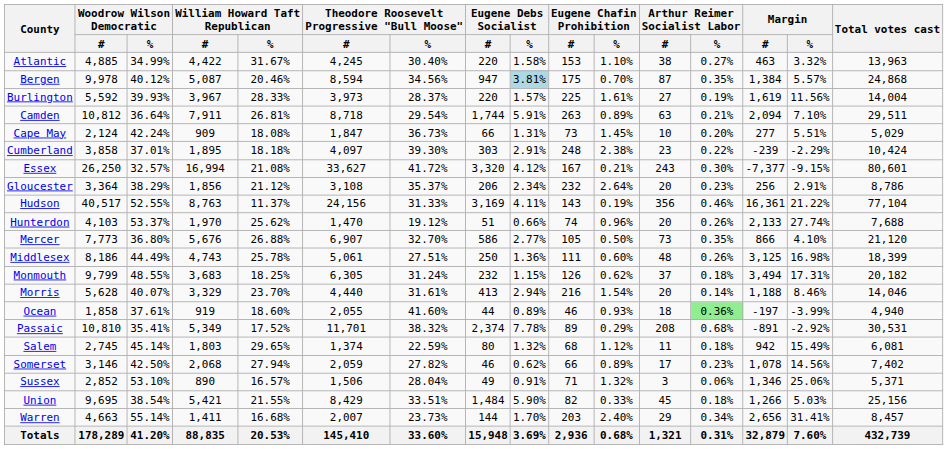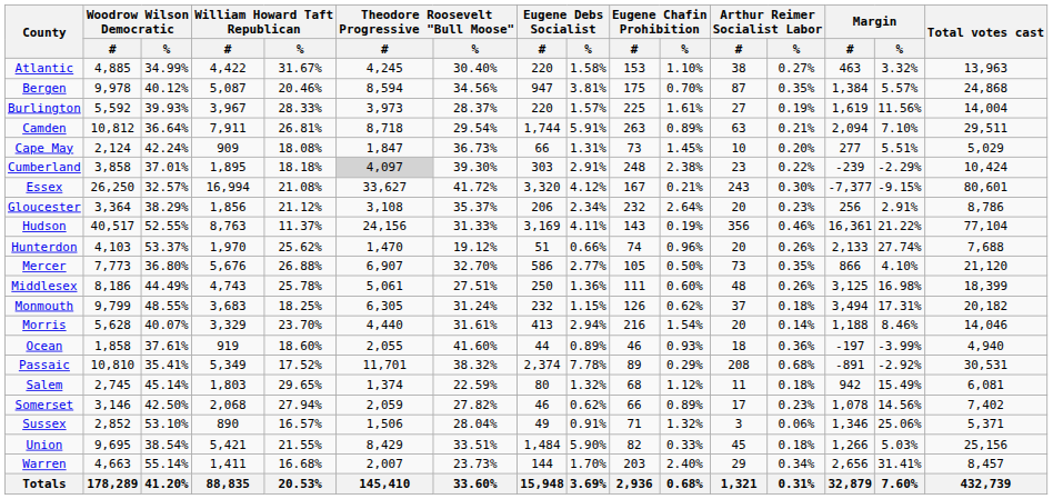 <table class="wikitable sortable">
 <tr>
 <th style="text-align:center;" rowspan="2">County</th>
 <th style="text-align:center;" colspan="2">Woodrow Wilson<br>Democratic</th>
 <th style="text-align:center;" colspan="2">William Howard Taft<br>Republican</th>
 <th style="text-align:center;" colspan="2">Theodore Roosevelt<br>Progressive "Bull Moose"</th>
 <th style="text-align:center;" colspan="2">Eugene Debs<br>Socialist</th>
 <th style="text-align:center;" colspan="2">Eugene Chafin<br>Prohibition</th>
 <th style="text-align:center;" colspan="2">Arthur Reimer<br>Socialist Labor</th>
 <th style="text-align:center;" colspan="2">Margin</th>
 <th style="text-align:center;" rowspan="2">Total votes cast</th>
 </tr>
 <tr>
 <th data-sort-type="number">#</th>
 <th data-sort-type="number">%</th>
 <th data-sort-type="number">#</th>
 <th data-sort-type="number">%</th>
 <th data-sort-type="number">#</th>
 <th data-sort-type="number">%</th>
 <th data-sort-type="number">#</th>
 <th data-sort-type="number">%</th>
 <th data-sort-type="number">#</th>
 <th data-sort-type="number">%</th>
 <th data-sort-type="number">#</th>
 <th data-sort-type="number">%</th>
 <th data-sort-type="number">#</th>
 <th data-sort-type="number">%</th>
 </tr>
 <tr style="text-align:center;">
 <td><a href='#'>Atlantic</a></td>
 <td>4,885</td>
 <td>34.99%</td>
 <td>4,422</td>
 <td>31.67%</td>
 <td>4,245</td>
 <td>30.40%</td>
 <td>220</td>
 <td>1.58%</td>
 <td>153</td>
 <td>1.10%</td>
 <td>38</td>
 <td>0.27%</td>
 <td>463</td>
 <td>3.32%</td>
 <td>13,963</td>
 </tr>
 <tr style="text-align:center;">
 <td><a href='#'>Bergen</a></td>
 <td>9,978</td>
 <td>40.12%</td>
 <td>5,087</td>
 <td>20.46%</td>
 <td>8,594</td>
 <td>34.56%</td>
 <td>947</td>
-<td style="background: lightblue;">3.81%</td>
+<td>3.81%</td>
 <td>175</td>
 <td>0.70%</td>
 <td>87</td>
 <td>0.35%</td>
 <td>1,384</td>
 <td>5.57%</td>
 <td>24,868</td>
 </tr>
 <tr style="text-align:center;">
 <td><a href='#'>Burlington</a></td>
 <td>5,592</td>
 <td>39.93%</td>
 <td>3,967</td>
 <td>28.33%</td>
 <td>3,973</td>
 <td>28.37%</td>
 <td>220</td>
 <td>1.57%</td>
 <td>225</td>
 <td>1.61%</td>
 <td>27</td>
 <td>0.19%</td>
 <td>1,619</td>
 <td>11.56%</td>
 <td>14,004</td>
 </tr>
 <tr style="text-align:center;">
 <td><a href='#'>Camden</a></td>
 <td>10,812</td>
 <td>36.64%</td>
 <td>7,911</td>
 <td>26.81%</td>
 <td>8,718</td>
 <td>29.54%</td>
 <td>1,744</td>
 <td>5.91%</td>
 <td>263</td>
 <td>0.89%</td>
 <td>63</td>
 <td>0.21%</td>
 <td>2,094</td>
 <td>7.10%</td>
 <td>29,511</td>
 </tr>
 <tr style="text-align:center;">
 <td><a href='#'>Cape May</a></td>
 <td>2,124</td>
 <td>42.24%</td>
 <td>909</td>
 <td>18.08%</td>
 <td>1,847</td>
 <td>36.73%</td>
 <td>66</td>
 <td>1.31%</td>
 <td>73</td>
 <td>1.45%</td>
 <td>10</td>
 <td>0.20%</td>
 <td>277</td>
 <td>5.51%</td>
 <td>5,029</td>
 </tr>
 <tr style="text-align:center;">
 <td><a href='#'>Cumberland</a></td>
 <td>3,858</td>
 <td>37.01%</td>
 <td>1,895</td>
 <td>18.18%</td>
-<td>4,097</td>
+<td style="background: lightgrey;">4,097</td>
 <td>39.30%</td>
 <td>303</td>
 <td>2.91%</td>
 <td>248</td>
 <td>2.38%</td>
 <td>23</td>
 <td>0.22%</td>
 <td>-239</td>
 <td>-2.29%</td>
 <td>10,424</td>
 </tr>
 <tr style="text-align:center;">
 <td><a href='#'>Essex</a></td>
 <td>26,250</td>
 <td>32.57%</td>
 <td>16,994</td>
 <td>21.08%</td>
 <td>33,627</td>
 <td>41.72%</td>
 <td>3,320</td>
 <td>4.12%</td>
 <td>167</td>
 <td>0.21%</td>
 <td>243</td>
 <td>0.30%</td>
 <td>-7,377</td>
 <td>-9.15%</td>
 <td>80,601</td>
 </tr>
 <tr style="text-align:center;">
 <td><a href='#'>Gloucester</a></td>
 <td>3,364</td>
 <td>38.29%</td>
 <td>1,856</td>
 <td>21.12%</td>
 <td>3,108</td>
 <td>35.37%</td>
 <td>206</td>
 <td>2.34%</td>
 <td>232</td>
 <td>2.64%</td>
 <td>20</td>
 <td>0.23%</td>
 <td>256</td>
 <td>2.91%</td>
 <td>8,786</td>
 </tr>
 <tr style="text-align:center;">
 <td><a href='#'>Hudson</a></td>
 <td>40,517</td>
 <td>52.55%</td>
 <td>8,763</td>
 <td>11.37%</td>
 <td>24,156</td>
 <td>31.33%</td>
 <td>3,169</td>
 <td>4.11%</td>
 <td>143</td>
 <td>0.19%</td>
 <td>356</td>
 <td>0.46%</td>
 <td>16,361</td>
 <td>21.22%</td>
 <td>77,104</td>
 </tr>
 <tr style="text-align:center;">
 <td><a href='#'>Hunterdon</a></td>
 <td>4,103</td>
 <td>53.37%</td>
 <td>1,970</td>
 <td>25.62%</td>
 <td>1,470</td>
 <td>19.12%</td>
 <td>51</td>
 <td>0.66%</td>
 <td>74</td>
 <td>0.96%</td>
 <td>20</td>
 <td>0.26%</td>
 <td>2,133</td>
 <td>27.74%</td>
 <td>7,688</td>
 </tr>
 <tr style="text-align:center;">
 <td><a href='#'>Mercer</a></td>
 <td>7,773</td>
 <td>36.80%</td>
 <td>5,676</td>
 <td>26.88%</td>
 <td>6,907</td>
 <td>32.70%</td>
 <td>586</td>
 <td>2.77%</td>
 <td>105</td>
 <td>0.50%</td>
 <td>73</td>
 <td>0.35%</td>
 <td>866</td>
 <td>4.10%</td>
 <td>21,120</td>
 </tr>
 <tr style="text-align:center;">
 <td><a href='#'>Middlesex</a></td>
 <td>8,186</td>
 <td>44.49%</td>
 <td>4,743</td>
 <td>25.78%</td>
 <td>5,061</td>
 <td>27.51%</td>
 <td>250</td>
 <td>1.36%</td>
 <td>111</td>
 <td>0.60%</td>
 <td>48</td>
 <td>0.26%</td>
 <td>3,125</td>
 <td>16.98%</td>
 <td>18,399</td>
 </tr>
 <tr style="text-align:center;">
 <td><a href='#'>Monmouth</a></td>
 <td>9,799</td>
 <td>48.55%</td>
 <td>3,683</td>
 <td>18.25%</td>
 <td>6,305</td>
 <td>31.24%</td>
 <td>232</td>
 <td>1.15%</td>
 <td>126</td>
 <td>0.62%</td>
 <td>37</td>
 <td>0.18%</td>
 <td>3,494</td>
 <td>17.31%</td>
 <td>20,182</td>
 </tr>
 <tr style="text-align:center;">
 <td><a href='#'>Morris</a></td>
 <td>5,628</td>
 <td>40.07%</td>
 <td>3,329</td>
 <td>23.70%</td>
 <td>4,440</td>
 <td>31.61%</td>
 <td>413</td>
 <td>2.94%</td>
 <td>216</td>
 <td>1.54%</td>
 <td>20</td>
 <td>0.14%</td>
 <td>1,188</td>
 <td>8.46%</td>
 <td>14,046</td>
 </tr>
 <tr style="text-align:center;">
 <td><a href='#'>Ocean</a></td>
 <td>1,858</td>
 <td>37.61%</td>
 <td>919</td>
 <td>18.60%</td>
 <td>2,055</td>
 <td>41.60%</td>
 <td>44</td>
 <td>0.89%</td>
 <td>46</td>
 <td>0.93%</td>
 <td>18</td>
-<td style="background: lightgreen;">0.36%</td>
+<td>0.36%</td>
 <td>-197</td>
 <td>-3.99%</td>
 <td>4,940</td>
 </tr>
 <tr style="text-align:center;">
 <td><a href='#'>Passaic</a></td>
 <td>10,810</td>
 <td>35.41%</td>
 <td>5,349</td>
 <td>17.52%</td>
 <td>11,701</td>
 <td>38.32%</td>
 <td>2,374</td>
 <td>7.78%</td>
 <td>89</td>
 <td>0.29%</td>
 <td>208</td>
 <td>0.68%</td>
 <td>-891</td>
 <td>-2.92%</td>
 <td>30,531</td>
 </tr>
 <tr style="text-align:center;">
 <td><a href='#'>Salem</a></td>
 <td>2,745</td>
 <td>45.14%</td>
 <td>1,803</td>
 <td>29.65%</td>
 <td>1,374</td>
 <td>22.59%</td>
 <td>80</td>
 <td>1.32%</td>
 <td>68</td>
 <td>1.12%</td>
 <td>11</td>
 <td>0.18%</td>
 <td>942</td>
 <td>15.49%</td>
 <td>6,081</td>
 </tr>
 <tr style="text-align:center;">
 <td><a href='#'>Somerset</a></td>
 <td>3,146</td>
 <td>42.50%</td>
 <td>2,068</td>
 <td>27.94%</td>
 <td>2,059</td>
 <td>27.82%</td>
 <td>46</td>
 <td>0.62%</td>
 <td>66</td>
 <td>0.89%</td>
 <td>17</td>
 <td>0.23%</td>
 <td>1,078</td>
 <td>14.56%</td>
 <td>7,402</td>
 </tr>
 <tr style="text-align:center;">
 <td><a href='#'>Sussex</a></td>
 <td>2,852</td>
 <td>53.10%</td>
 <td>890</td>
 <td>16.57%</td>
 <td>1,506</td>
 <td>28.04%</td>
 <td>49</td>
 <td>0.91%</td>
 <td>71</td>
 <td>1.32%</td>
 <td>3</td>
 <td>0.06%</td>
 <td>1,346</td>
 <td>25.06%</td>
 <td>5,371</td>
 </tr>
 <tr style="text-align:center;">
 <td><a href='#'>Union</a></td>
 <td>9,695</td>
 <td>38.54%</td>
 <td>5,421</td>
 <td>21.55%</td>
 <td>8,429</td>
 <td>33.51%</td>
 <td>1,484</td>
 <td>5.90%</td>
 <td>82</td>
 <td>0.33%</td>
 <td>45</td>
 <td>0.18%</td>
 <td>1,266</td>
 <td>5.03%</td>
 <td>25,156</td>
 </tr>
 <tr style="text-align:center;">
 <td><a href='#'>Warren</a></td>
 <td>4,663</td>
 <td>55.14%</td>
 <td>1,411</td>
 <td>16.68%</td>
 <td>2,007</td>
 <td>23.73%</td>
 <td>144</td>
 <td>1.70%</td>
 <td>203</td>
 <td>2.40%</td>
 <td>29</td>
 <td>0.34%</td>
 <td>2,656</td>
 <td>31.41%</td>
 <td>8,457</td>
 </tr>
 <tr style="text-align:center;">
 <th>Totals</th>
 <th>178,289</th>
 <th>41.20%</th>
 <th>88,835</th>
 <th>20.53%</th>
 <th>145,410</th>
 <th>33.60%</th>
 <th>15,948</th>
 <th>3.69%</th>
 <th>2,936</th>
 <th>0.68%</th>
 <th>1,321</th>
 <th>0.31%</th>
 <th>32,879</th>
 <th>7.60%</th>
 <th>432,739</th>
 </tr>
 </table>
